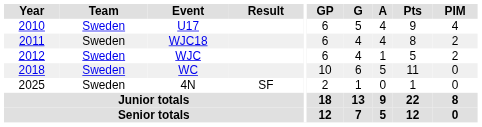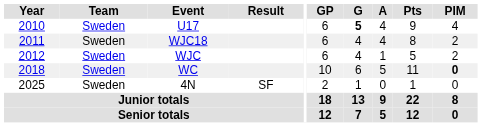 <table border="0" cellpadding="1" cellspacing="0" ID="Table3" style="text-align:center; width:40em">
 <tr bgcolor="#e0e0e0">
 <th>Year</th>
 <th>Team</th>
 <th>Event</th>
 <th>Result</th>
 <th rowspan="103" bgcolor="#ffffff"></th>
 <th>GP</th>
 <th>G</th>
 <th>A</th>
 <th>Pts</th>
 <th>PIM</th>
 </tr>
 <tr>
 <td><a href='#'>2010</a></td>
 <td><a href='#'>Sweden</a></td>
 <td><a href='#'>U17</a></td>
 <td></td>
 <td>6</td>
-<td>5</td>
+<td><strong>5</strong></td>
 <td>4</td>
 <td>9</td>
 <td>4</td>
 </tr>
 <tr bgcolor="#f0f0f0">
 <td><a href='#'>2011</a></td>
 <td>Sweden</td>
 <td><a href='#'>WJC18</a></td>
 <td></td>
 <td>6</td>
 <td>4</td>
 <td>4</td>
 <td>8</td>
 <td>2</td>
 </tr>
 <tr>
 <td><a href='#'>2012</a></td>
 <td><a href='#'>Sweden</a></td>
 <td><a href='#'>WJC</a></td>
 <td></td>
 <td>6</td>
 <td>4</td>
 <td>1</td>
 <td>5</td>
 <td>2</td>
 </tr>
 <tr bgcolor="#f0f0f0">
 <td><a href='#'>2018</a></td>
 <td><a href='#'>Sweden</a></td>
 <td><a href='#'>WC</a></td>
 <td></td>
 <td>10</td>
 <td>6</td>
 <td>5</td>
 <td>11</td>
-<td>0</td>
+<td><strong>0</strong></td>
 </tr>
 <tr>
 <td>2025</td>
 <td>Sweden</td>
 <td>4N</td>
 <td>SF</td>
 <td>2</td>
 <td>1</td>
 <td>0</td>
 <td>1</td>
 <td>0</td>
 </tr>
 <tr bgcolor="#e0e0e0">
 <th colspan="4">Junior totals</th>
 <th>18</th>
 <th>13</th>
 <th>9</th>
 <th>22</th>
 <th>8</th>
 </tr>
 <tr bgcolor="#e0e0e0">
 <th colspan="4">Senior totals</th>
 <th>12</th>
 <th>7</th>
 <th>5</th>
 <th>12</th>
 <th>0</th>
 </tr>
 </table>
